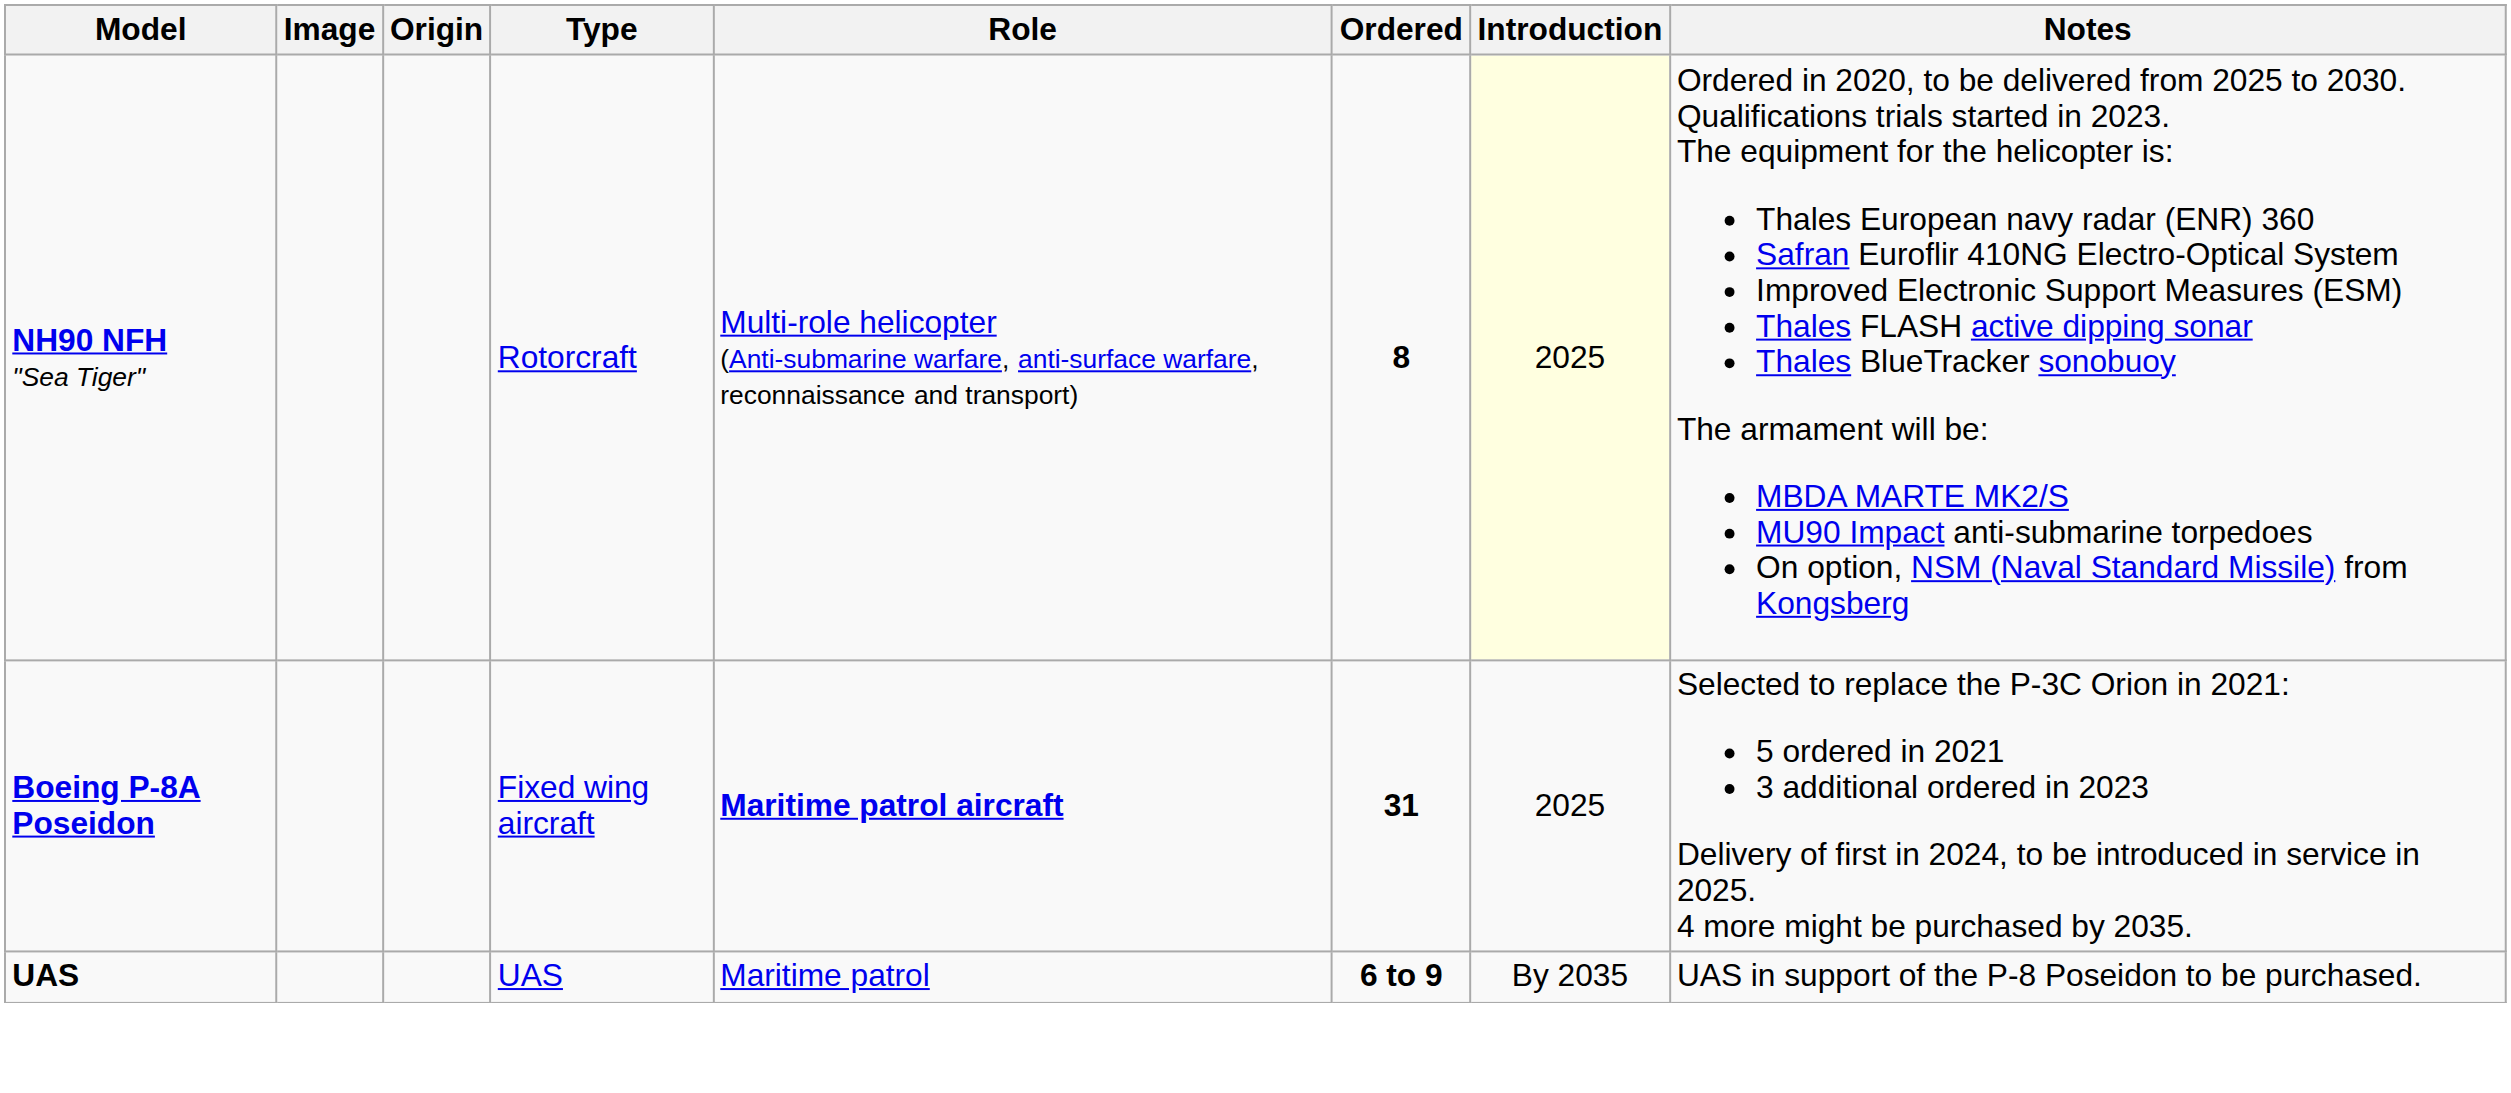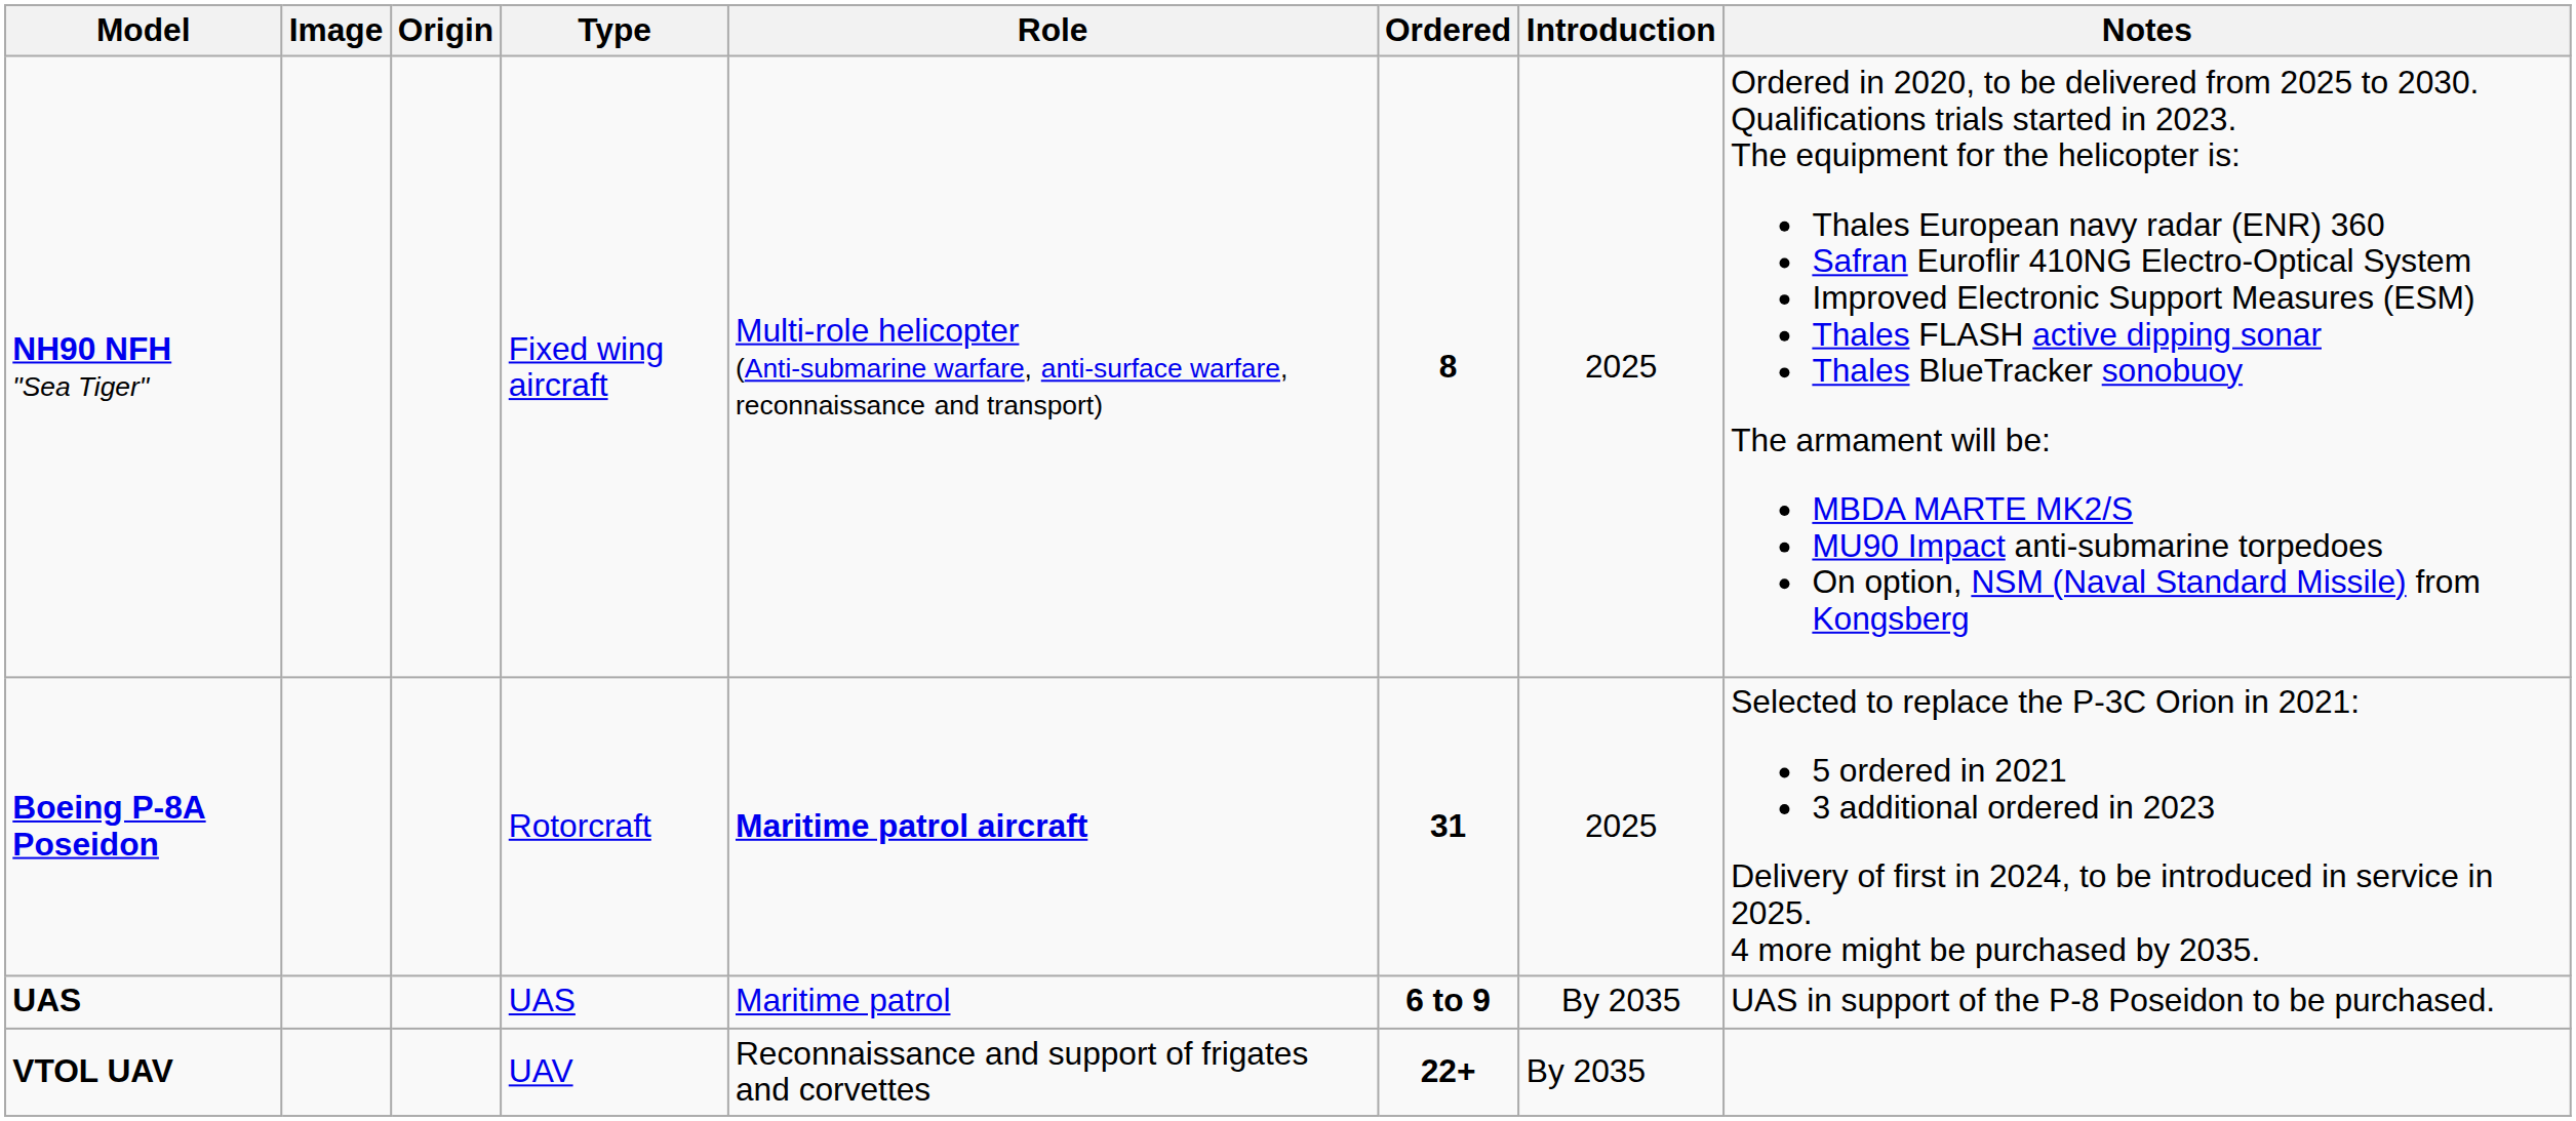 <table class="wikitable" style="width:100%;">
 <tr>
 <th>Model</th>
 <th>Image</th>
 <th>Origin</th>
 <th>Type</th>
 <th>Role</th>
 <th>Ordered</th>
 <th>Introduction</th>
 <th>Notes</th>
 </tr>
 <tr>
 <td><a href='#'><strong>NH90 NFH</strong></a><br><small><em>"Sea Tiger"</em></small></td>
 <td></td>
 <td><small></small><br><small></small><br><small></small><br><small></small></td>
-<td><a href='#'>Rotorcraft</a></td>
+<td><a href='#'>Fixed wing aircraft</a></td>
 <td><a href='#'>Multi-role helicopter</a><br><small>(<a href='#'>Anti-submarine warfare</a>,</small>  <small><a href='#'>anti-surface warfare</a>,</small>  <small>reconnaissance</small>  <small>and transport)</small></td>
 <td style="text-align: center;"><strong>8</strong></td>
-<td style="background: lightyellow; text-align: center;">2025</td>
+<td style="text-align: center;">2025</td>
 <td>Ordered in 2020, to be delivered from 2025 to 2030. Qualifications trials started in 2023.<br>The equipment for the helicopter is:<ul><li>Thales European navy radar (ENR) 360</li><li><a href='#'>Safran</a> Euroflir 410NG Electro-Optical System</li><li>Improved Electronic Support Measures (ESM)</li><li><a href='#'>Thales</a> FLASH <a href='#'>active dipping sonar</a></li><li><a href='#'>Thales</a> BlueTracker <a href='#'>sonobuoy</a></li></ul>The armament will be:<ul><li><a href='#'>MBDA MARTE MK2/S</a></li><li><a href='#'>MU90 Impact</a> anti-submarine torpedoes</li><li>On option, <a href='#'>NSM (Naval Standard Missile)</a> from <a href='#'>Kongsberg</a></li></ul></td>
 </tr>
 <tr>
 <td><strong><a href='#'>Boeing    P-8A Poseidon</a></strong></td>
 <td></td>
 <td><small></small></td>
-<td><a href='#'>Fixed wing aircraft</a></td>
+<td><a href='#'>Rotorcraft</a></td>
 <td><strong><a href='#'>Maritime patrol aircraft</a></strong></td>
 <td style="text-align: center;"><strong>31</strong></td>
 <td style="text-align: center;">2025</td>
 <td>Selected to replace the P-3C Orion in 2021:<br><ul><li>5 ordered in 2021</li><li>3 additional ordered in 2023</li></ul>Delivery of first in 2024, to be introduced in service in 2025.<br>4 more might be purchased by 2035.</td>
 </tr>
 <tr>
 <td><strong>UAS</strong></td>
 <td></td>
 <td></td>
 <td><a href='#'>UAS</a></td>
 <td><a href='#'>Maritime patrol</a></td>
 <td style="text-align: center;"><strong>6 to 9</strong></td>
 <td style="text-align: center;">By 2035</td>
 <td>UAS in support of the P-8 Poseidon to be purchased.</td>
 </tr>
+<tr>
+<td><strong>VTOL UAV</strong></td>
+<td></td>
+<td></td>
+<td><a href='#'>UAV</a></td>
+<td>Reconnaissance and support of frigates and corvettes</td>
+<td style="text-align: center;"><strong>22+</strong></td>
+<td>By 2035</td>
+<td></td>
+</tr>
 </table>
